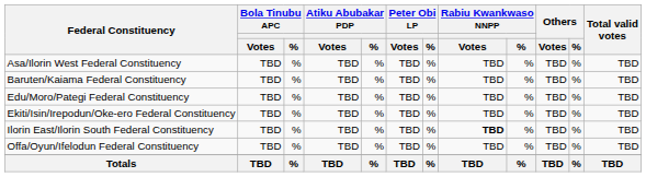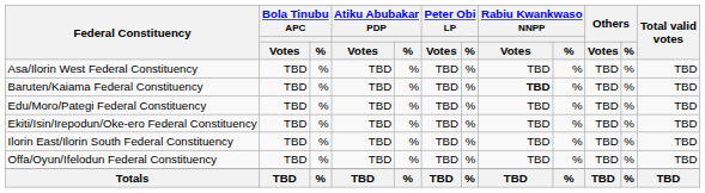 <table class="wikitable sortable" style="text-align:right; font-size:90%">
 <tr>
 <th rowspan="3" style="max-width:7.5em;">Federal Constituency</th>
 <th colspan="2"><a href='#'>Bola Tinubu</a><br><small>APC</small></th>
 <th colspan="2"><a href='#'>Atiku Abubakar</a><br><small>PDP</small></th>
 <th colspan="2"><a href='#'>Peter Obi</a><br><small>LP</small></th>
 <th colspan="2"><a href='#'>Rabiu Kwankwaso</a><br><small>NNPP</small></th>
 <th colspan="2" rowspan="2">Others</th>
 <th rowspan="3" style="max-width:5em;">Total valid votes</th>
 </tr>
 <tr>
 <th colspan=2 style="background-color:"></th>
 <th colspan=2 style="background-color:"></th>
 <th colspan=2 style="background-color:"></th>
 <th colspan=2 style="background-color:"></th>
 </tr>
 <tr>
 <th>Votes</th>
 <th>%</th>
 <th>Votes</th>
 <th>%</th>
 <th>Votes</th>
 <th>%</th>
 <th>Votes</th>
 <th>%</th>
 <th>Votes</th>
 <th>%</th>
 </tr>
 <tr style="background-color:#">
 <td style="text-align:left;">Asa/Ilorin West Federal Constituency</td>
 <td>TBD</td>
 <td>%</td>
 <td>TBD</td>
 <td>%</td>
 <td>TBD</td>
 <td>%</td>
 <td>TBD</td>
 <td>%</td>
 <td>TBD</td>
 <td>%</td>
 <td>TBD</td>
 </tr>
 <tr style="background-color:#">
 <td style="text-align:left;">Baruten/Kaiama Federal Constituency</td>
 <td>TBD</td>
 <td>%</td>
 <td>TBD</td>
 <td>%</td>
 <td>TBD</td>
 <td>%</td>
-<td>TBD</td>
+<td><strong>TBD</strong></td>
 <td>%</td>
 <td>TBD</td>
 <td>%</td>
 <td>TBD</td>
 </tr>
 <tr style="background-color:#">
 <td style="text-align:left;">Edu/Moro/Pategi Federal Constituency</td>
 <td>TBD</td>
 <td>%</td>
 <td>TBD</td>
 <td>%</td>
 <td>TBD</td>
 <td>%</td>
 <td>TBD</td>
 <td>%</td>
 <td>TBD</td>
 <td>%</td>
 <td>TBD</td>
 </tr>
 <tr style="background-color:#">
 <td style="text-align:left;">Ekiti/Isin/Irepodun/Oke-ero Federal Constituency</td>
 <td>TBD</td>
 <td>%</td>
 <td>TBD</td>
 <td>%</td>
 <td>TBD</td>
 <td>%</td>
 <td>TBD</td>
 <td>%</td>
 <td>TBD</td>
 <td>%</td>
 <td>TBD</td>
 </tr>
 <tr style="background-color:#">
 <td style="text-align:left;">Ilorin East/Ilorin South Federal Constituency</td>
 <td>TBD</td>
 <td>%</td>
 <td>TBD</td>
 <td>%</td>
 <td>TBD</td>
 <td>%</td>
-<td><strong>TBD</strong></td>
+<td>TBD</td>
 <td>%</td>
 <td>TBD</td>
 <td>%</td>
 <td>TBD</td>
 </tr>
 <tr style="background-color:#">
 <td style="text-align:left;">Offa/Oyun/Ifelodun Federal Constituency</td>
 <td>TBD</td>
 <td>%</td>
 <td>TBD</td>
 <td>%</td>
 <td>TBD</td>
 <td>%</td>
 <td>TBD</td>
 <td>%</td>
 <td>TBD</td>
 <td>%</td>
 <td>TBD</td>
 </tr>
 <tr>
 </tr>
 <tr>
 <th>Totals</th>
 <th>TBD</th>
 <th>%</th>
 <th>TBD</th>
 <th>%</th>
 <th>TBD</th>
 <th>%</th>
 <th>TBD</th>
 <th>%</th>
 <th>TBD</th>
 <th>%</th>
 <th>TBD</th>
 </tr>
 </table>
